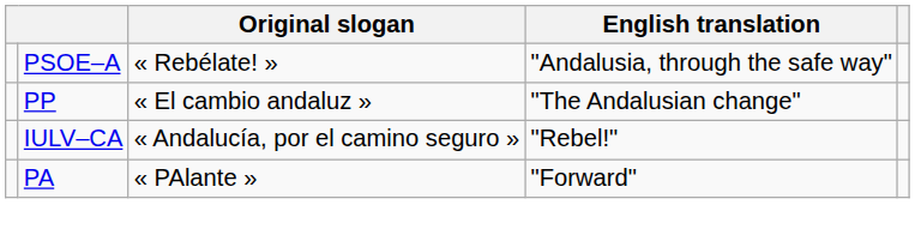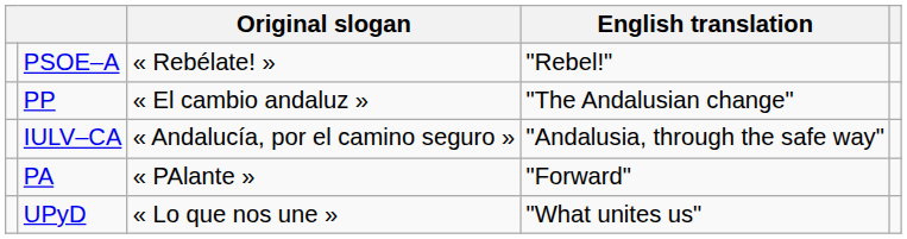 <table class="wikitable" style="text-align:left;">
 <tr>
 <th style="text-align:left;" colspan="2"></th>
 <th>Original slogan</th>
 <th>English translation</th>
 <th></th>
 </tr>
 <tr>
 <td width="1" style="color:inherit;background:"></td>
 <td><a href='#'>PSOE–A</a></td>
 <td>« Rebélate! »</td>
-<td>"Andalusia, through the safe way"</td>
+<td>"Rebel!"</td>
 <td></td>
 </tr>
 <tr>
 <td style="color:inherit;background:"></td>
 <td><a href='#'>PP</a></td>
 <td>« El cambio andaluz »</td>
 <td>"The Andalusian change"</td>
 <td></td>
 </tr>
 <tr>
 <td style="color:inherit;background:"></td>
 <td><a href='#'>IULV–CA</a></td>
 <td>« Andalucía, por el camino seguro »</td>
-<td>"Rebel!"</td>
+<td>"Andalusia, through the safe way"</td>
 <td></td>
 </tr>
 <tr>
 <td style="color:inherit;background:"></td>
 <td><a href='#'>PA</a></td>
 <td>« PAlante »</td>
 <td>"Forward"</td>
 <td></td>
 </tr>
+<tr>
+<td style="color:inherit;background:"></td>
+<td><a href='#'>UPyD</a></td>
+<td>« Lo que nos une »</td>
+<td>"What unites us"</td>
+<td></td>
+</tr>
 </table>
